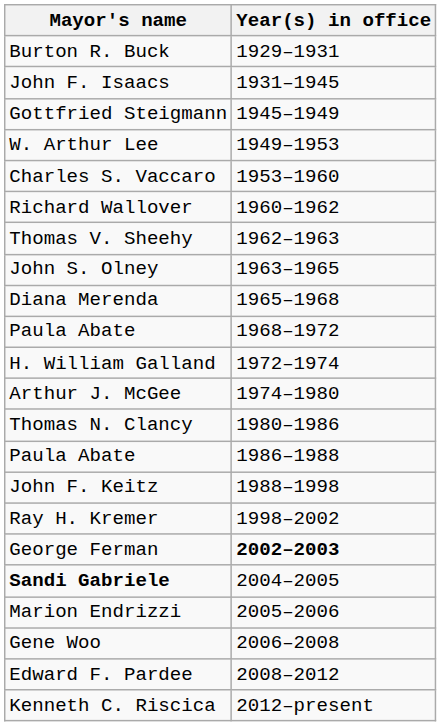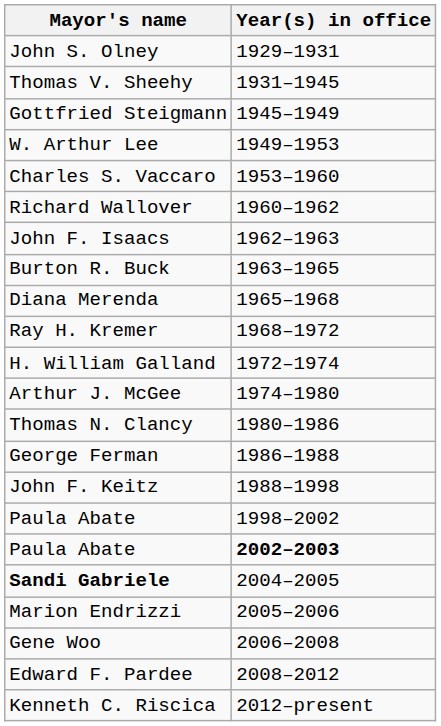 <table class="wikitable mw-collapsible">
 <tr>
 <th>Mayor's name</th>
 <th>Year(s) in office</th>
 </tr>
 <tr>
-<td>Burton R. Buck</td>
+<td>John S. Olney</td>
 <td>1929–1931</td>
 </tr>
 <tr>
-<td>John F. Isaacs</td>
+<td>Thomas V. Sheehy</td>
 <td>1931–1945</td>
 </tr>
 <tr>
 <td>Gottfried Steigmann</td>
 <td>1945–1949</td>
 </tr>
 <tr>
 <td>W. Arthur Lee</td>
 <td>1949–1953</td>
 </tr>
 <tr>
 <td>Charles S. Vaccaro</td>
 <td>1953–1960</td>
 </tr>
 <tr>
 <td>Richard Wallover</td>
 <td>1960–1962</td>
 </tr>
 <tr>
-<td>Thomas V. Sheehy</td>
+<td>John F. Isaacs</td>
 <td>1962–1963</td>
 </tr>
 <tr>
-<td>John S. Olney</td>
+<td>Burton R. Buck</td>
 <td>1963–1965</td>
 </tr>
 <tr>
 <td>Diana Merenda</td>
 <td>1965–1968</td>
 </tr>
 <tr>
-<td>Paula Abate</td>
+<td>Ray H. Kremer</td>
 <td>1968–1972</td>
 </tr>
 <tr>
 <td>H. William Galland</td>
 <td>1972–1974</td>
 </tr>
 <tr>
 <td>Arthur J. McGee</td>
 <td>1974–1980</td>
 </tr>
 <tr>
 <td>Thomas N. Clancy</td>
 <td>1980–1986</td>
 </tr>
 <tr>
-<td>Paula Abate</td>
+<td>George Ferman</td>
 <td>1986–1988</td>
 </tr>
 <tr>
 <td>John F. Keitz</td>
 <td>1988–1998</td>
 </tr>
 <tr>
-<td>Ray H. Kremer</td>
+<td>Paula Abate</td>
 <td>1998–2002</td>
 </tr>
 <tr>
-<td>George Ferman</td>
+<td>Paula Abate</td>
 <td><strong>2002–2003</strong></td>
 </tr>
 <tr>
 <td><strong>Sandi Gabriele</strong></td>
 <td>2004–2005</td>
 </tr>
 <tr>
 <td>Marion Endrizzi</td>
 <td>2005–2006</td>
 </tr>
 <tr>
 <td>Gene Woo</td>
 <td>2006–2008</td>
 </tr>
 <tr>
 <td>Edward F. Pardee</td>
 <td>2008–2012</td>
 </tr>
 <tr>
 <td>Kenneth C. Riscica</td>
 <td>2012–present</td>
 </tr>
 </table>
